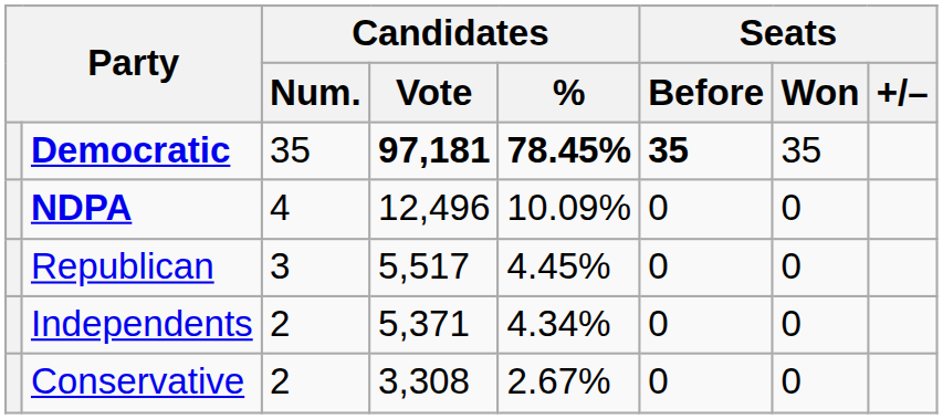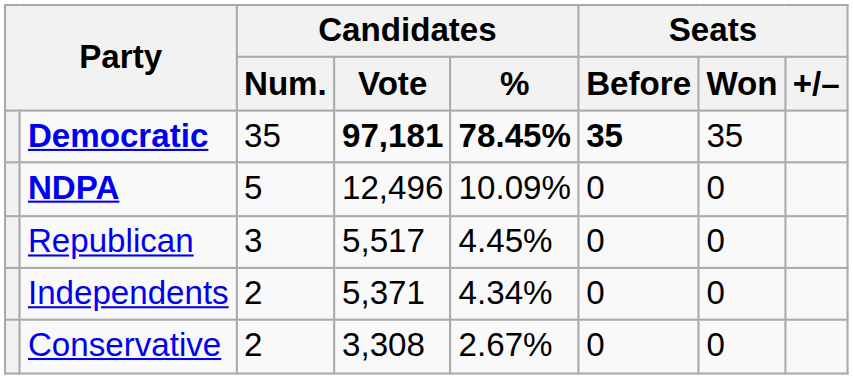 <table class="wikitable sortable defaultcenter">
 <tr>
 <th rowspan="2" colspan="2">Party</th>
 <th colspan=3>Candidates</th>
 <th colspan=5>Seats</th>
 </tr>
 <tr>
 <th align="center">Num.</th>
 <th align="center">Vote</th>
 <th align="center">%</th>
 <th align="center">Before</th>
 <th align="center">Won</th>
 <th>+/–</th>
 </tr>
 <tr>
 <th style="background-color:"></th>
 <td><strong><a href='#'>Democratic</a></strong></td>
 <td>35</td>
 <td><strong>97,181</strong></td>
 <td><strong>78.45%</strong></td>
 <td><strong>35</strong></td>
 <td>35</td>
 <td></td>
 </tr>
 <tr>
 <th style="background-color:"></th>
 <td><strong><a href='#'>NDPA</a></strong></td>
-<td>4</td>
+<td>5</td>
 <td>12,496</td>
 <td>10.09%</td>
 <td>0</td>
 <td>0</td>
 <td></td>
 </tr>
 <tr>
 <th style="background-color:"></th>
 <td><a href='#'>Republican</a></td>
 <td>3</td>
 <td>5,517</td>
 <td>4.45%</td>
 <td>0</td>
 <td>0</td>
 <td></td>
 </tr>
 <tr>
 <th style="background-color:"></th>
 <td><a href='#'>Independents</a></td>
 <td>2</td>
 <td>5,371</td>
 <td>4.34%</td>
 <td>0</td>
 <td>0</td>
 <td></td>
 </tr>
 <tr>
 <th></th>
 <td><a href='#'>Conservative</a></td>
 <td>2</td>
 <td>3,308</td>
 <td>2.67%</td>
 <td>0</td>
 <td>0</td>
 <td></td>
 </tr>
 </table>
